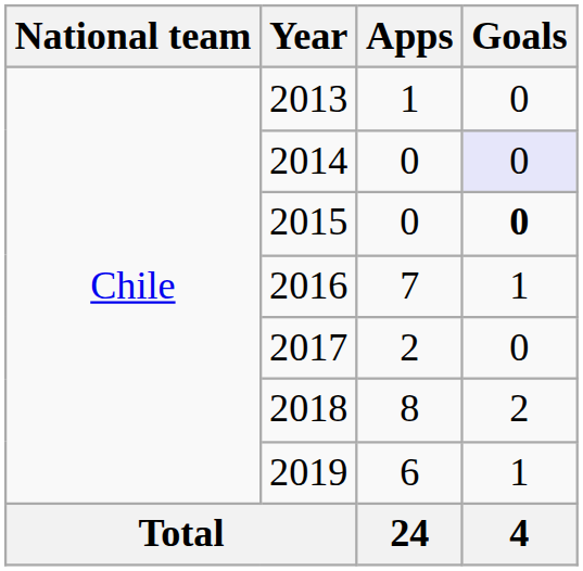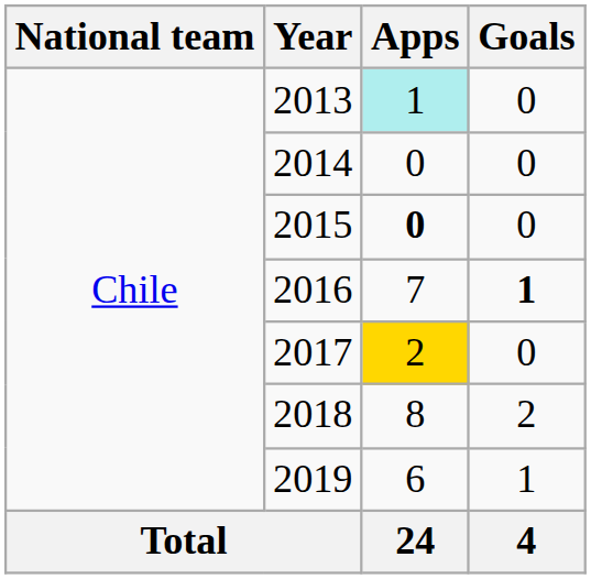 <table class="wikitable" style="text-align:center">
 <tr>
 <th>National team</th>
 <th>Year</th>
 <th>Apps</th>
 <th>Goals</th>
 </tr>
 <tr>
 <td rowspan="7"><a href='#'>Chile</a></td>
 <td>2013</td>
-<td>1</td>
+<td style="background: paleturquoise;">1</td>
 <td>0</td>
 </tr>
 <tr>
 <td>2014</td>
 <td>0</td>
-<td style="background: lavender;">0</td>
+<td>0</td>
 </tr>
 <tr>
 <td>2015</td>
+<td><strong>0</strong></td>
 <td>0</td>
-<td><strong>0</strong></td>
 </tr>
 <tr>
 <td>2016</td>
 <td>7</td>
-<td>1</td>
+<td><strong>1</strong></td>
 </tr>
 <tr>
 <td>2017</td>
-<td>2</td>
+<td style="background: gold;">2</td>
 <td>0</td>
 </tr>
 <tr>
 <td>2018</td>
 <td>8</td>
 <td>2</td>
 </tr>
 <tr>
 <td>2019</td>
 <td>6</td>
 <td>1</td>
 </tr>
 <tr>
 <th colspan="2">Total</th>
 <th>24</th>
 <th>4</th>
 </tr>
 </table>
